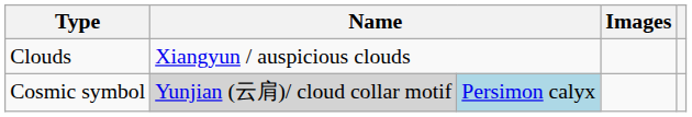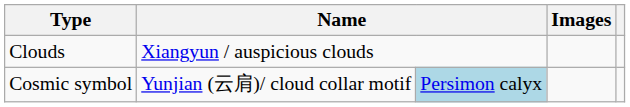 <table class="wikitable sortable mw-collapsible">
 <tr>
 <th>Type</th>
 <th colspan="2">Name</th>
 <th>Images</th>
 <th></th>
 </tr>
 <tr>
 <td>Clouds</td>
 <td colspan="2"><a href='#'>Xiangyun</a> / auspicious clouds</td>
 <td></td>
 <td></td>
 </tr>
 <tr>
 <td>Cosmic symbol</td>
-<td style="background: lightgrey;"><a href='#'>Yunjian</a> (云肩)/ cloud collar motif</td>
+<td><a href='#'>Yunjian</a> (云肩)/ cloud collar motif</td>
 <td style="background: lightblue;"><a href='#'>Persimon</a> calyx</td>
 <td></td>
 <td></td>
 </tr>
 </table>
